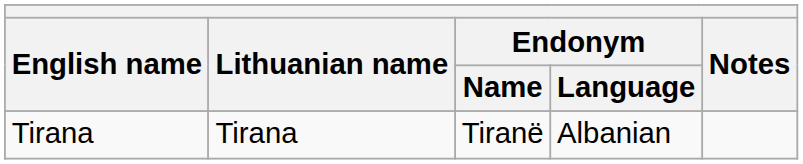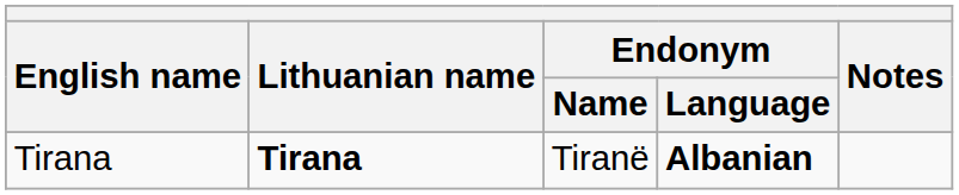 <table class="wikitable sortable">
 <tr>
 <th colspan="5"></th>
 </tr>
 <tr>
 <th rowspan="2">English name</th>
 <th rowspan="2">Lithuanian name</th>
 <th colspan="2">Endonym</th>
 <th rowspan="2">Notes</th>
 </tr>
 <tr>
 <th>Name</th>
 <th>Language</th>
 </tr>
 <tr>
 <td>Tirana</td>
-<td>Tirana</td>
+<td><strong>Tirana</strong></td>
 <td>Tiranë</td>
-<td>Albanian</td>
+<td><strong>Albanian</strong></td>
 <td></td>
 </tr>
 </table>
